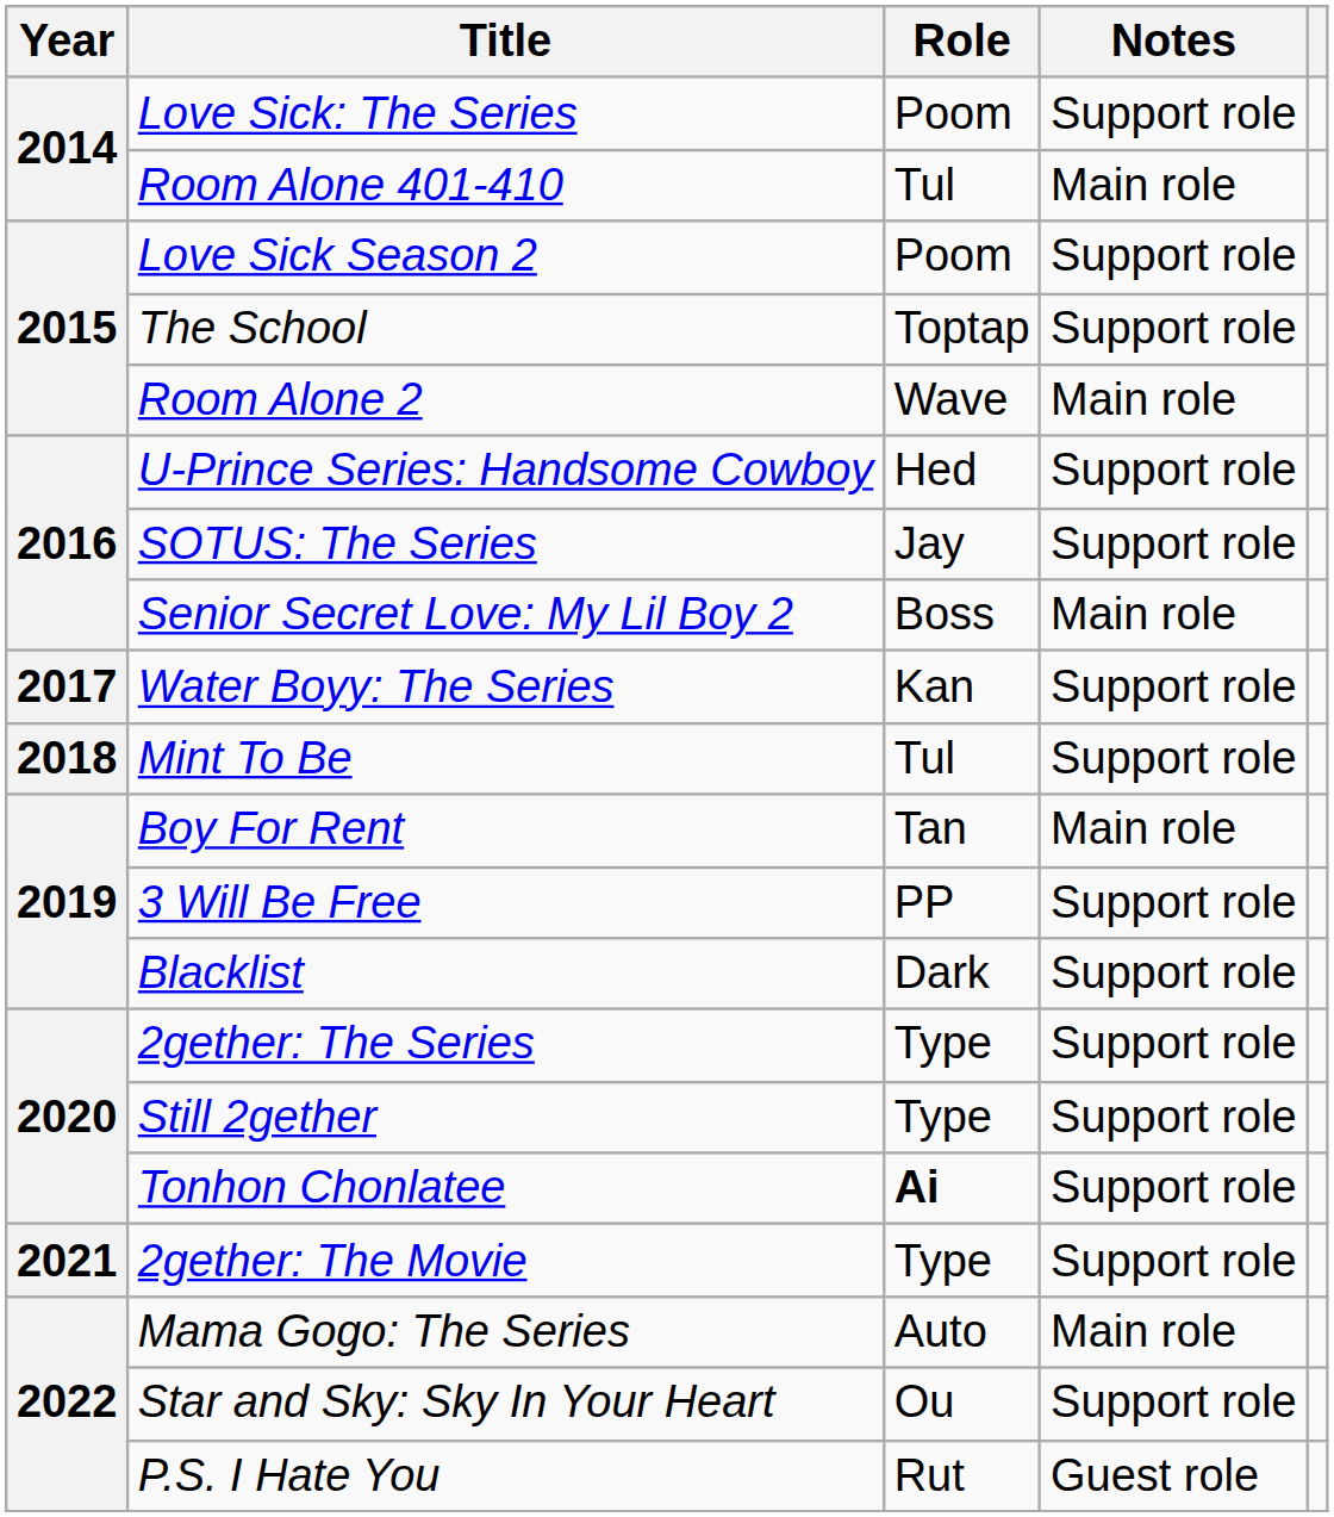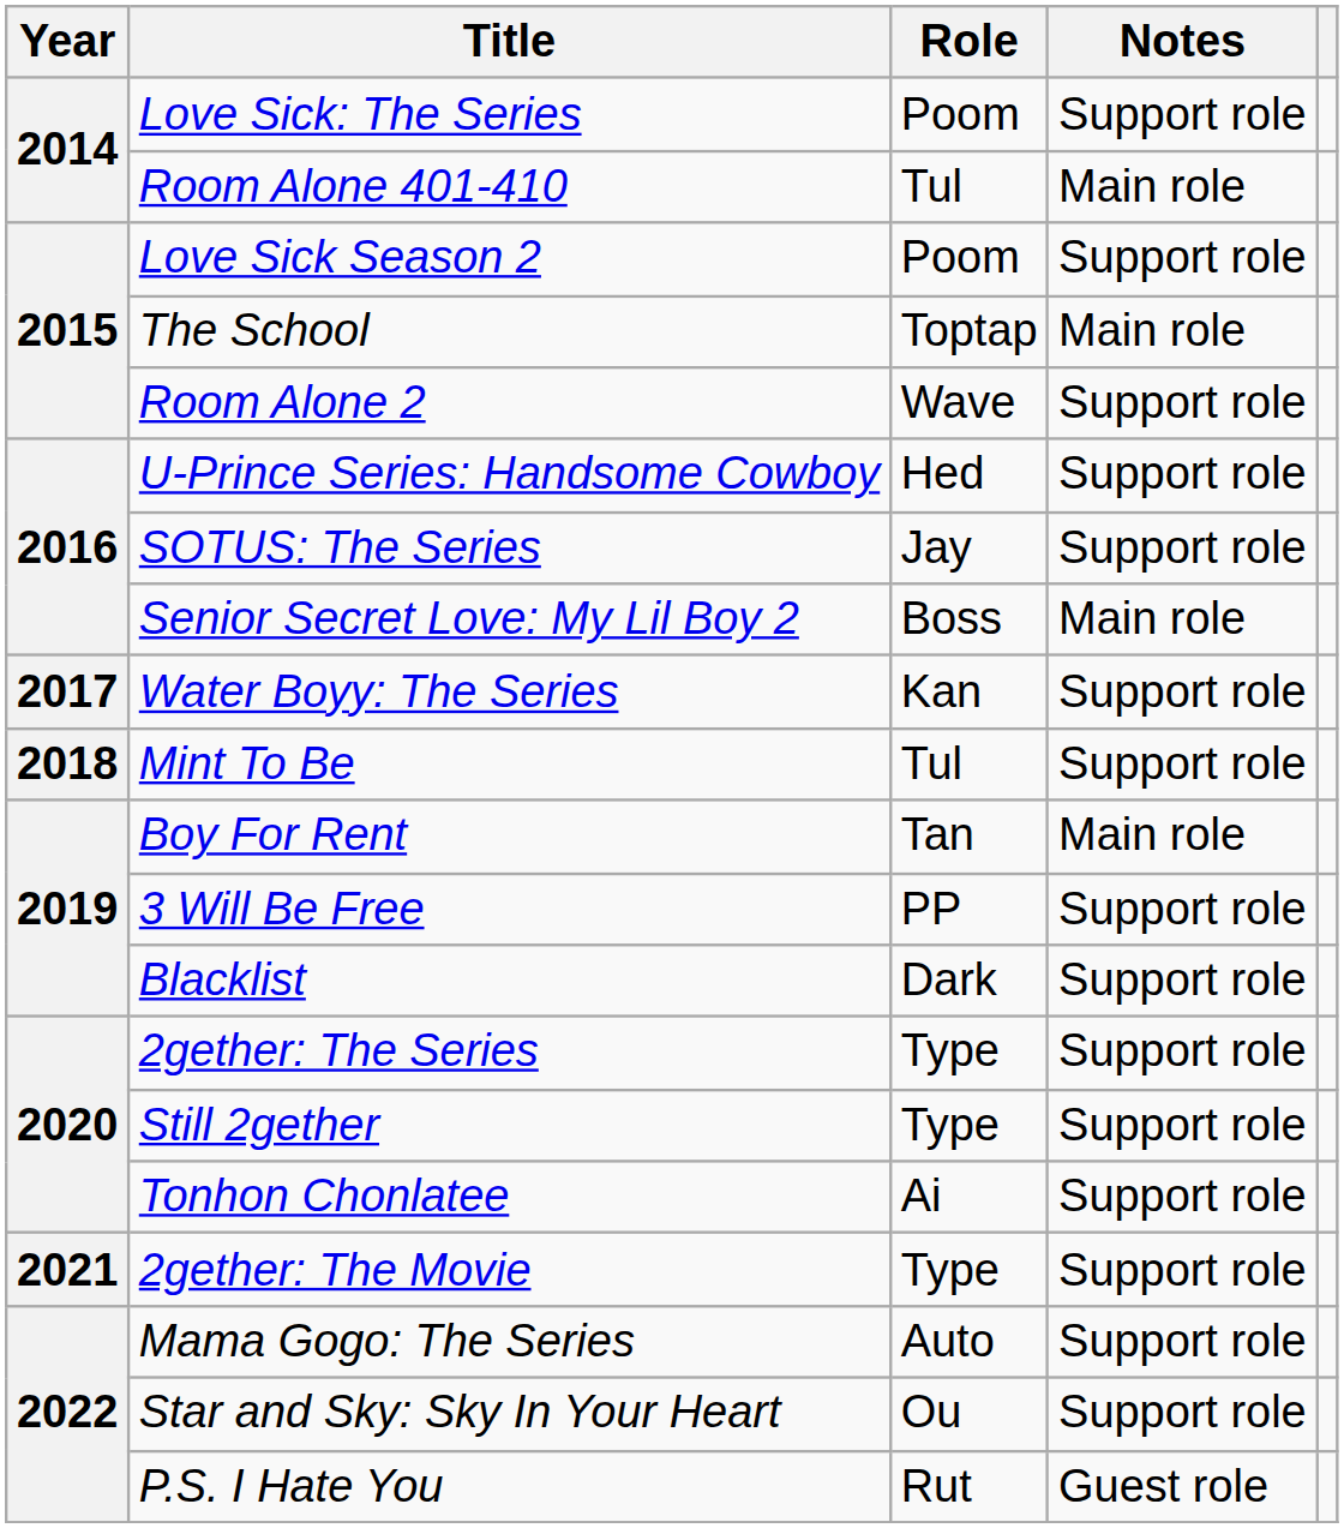 <table class="wikitable sortable plainrowheaders">
 <tr>
 <th scope="col">Year</th>
 <th scope="col">Title</th>
 <th scope="col">Role</th>
 <th scope="col" class="unsortable">Notes</th>
 <th scope="col" class="unsortable"></th>
 </tr>
 <tr>
 <th scope="row" rowspan="2">2014</th>
 <td><em><a href='#'>Love Sick: The Series</a></em></td>
 <td>Poom</td>
 <td>Support role</td>
 <td style="text-align: center;"></td>
 </tr>
 <tr>
 <td><em><a href='#'>Room Alone 401-410</a></em></td>
 <td>Tul</td>
 <td>Main role</td>
 <td style="text-align: center;"></td>
 </tr>
 <tr>
 <th scope="row" rowspan="3">2015</th>
 <td><em><a href='#'>Love Sick Season 2</a></em></td>
 <td>Poom</td>
 <td>Support role</td>
 <td style="text-align: center;"></td>
 </tr>
 <tr>
 <td><em>The School</em></td>
 <td>Toptap</td>
-<td>Support role</td>
+<td>Main role</td>
 <td style="text-align: center;"></td>
 </tr>
 <tr>
 <td><em><a href='#'>Room Alone 2</a></em></td>
 <td>Wave</td>
-<td>Main role</td>
+<td>Support role</td>
 <td style="text-align: center;"></td>
 </tr>
 <tr>
 <th scope="row" rowspan="3">2016</th>
 <td><em><a href='#'>U-Prince Series: Handsome Cowboy</a></em></td>
 <td>Hed</td>
 <td>Support role</td>
 <td style="text-align: center;"></td>
 </tr>
 <tr>
 <td><em><a href='#'>SOTUS: The Series</a></em></td>
 <td>Jay</td>
 <td>Support role</td>
 <td style="text-align: center;"></td>
 </tr>
 <tr>
 <td><em><a href='#'>Senior Secret Love: My Lil Boy 2</a></em></td>
 <td>Boss</td>
 <td>Main role</td>
 <td style="text-align: center;"></td>
 </tr>
 <tr>
 <th scope="row">2017</th>
 <td><em><a href='#'>Water Boyy: The Series</a></em></td>
 <td>Kan</td>
 <td>Support role</td>
 <td style="text-align: center;"></td>
 </tr>
 <tr>
 <th scope="row">2018</th>
 <td><em><a href='#'>Mint To Be</a></em></td>
 <td>Tul</td>
 <td>Support role</td>
 <td style="text-align: center;"></td>
 </tr>
 <tr>
 <th scope="row" rowspan="3">2019</th>
 <td><em><a href='#'>Boy For Rent</a></em></td>
 <td>Tan</td>
 <td>Main role</td>
 <td style="text-align: center;"></td>
 </tr>
 <tr>
 <td><em><a href='#'>3 Will Be Free</a></em></td>
 <td>PP</td>
 <td>Support role</td>
 <td style="text-align: center;"></td>
 </tr>
 <tr>
 <td><em><a href='#'>Blacklist</a></em></td>
 <td>Dark</td>
 <td>Support role</td>
 <td style="text-align: center;"></td>
 </tr>
 <tr>
 <th scope="row" rowspan="3">2020</th>
 <td><em><a href='#'>2gether: The Series</a></em></td>
 <td>Type</td>
 <td>Support role</td>
 <td style="text-align: center;"></td>
 </tr>
 <tr>
 <td><em><a href='#'>Still 2gether</a></em></td>
 <td>Type</td>
 <td>Support role</td>
 <td style="text-align: center;"></td>
 </tr>
 <tr>
 <td><em><a href='#'>Tonhon Chonlatee</a></em></td>
-<td><strong>Ai</strong></td>
+<td>Ai</td>
 <td>Support role</td>
 <td style="text-align: center;"></td>
 </tr>
 <tr>
 <th scope="row">2021</th>
 <td><em><a href='#'>2gether: The Movie</a></em></td>
 <td>Type</td>
 <td>Support role</td>
 <td style="text-align: center;"></td>
 </tr>
 <tr>
 <th scope="row" rowspan="3">2022</th>
 <td><em>Mama Gogo: The Series</em></td>
 <td>Auto</td>
-<td>Main role</td>
+<td>Support role</td>
 <td style="text-align: center;"></td>
 </tr>
 <tr>
 <td><em>Star and Sky: Sky In Your Heart</em></td>
 <td>Ou</td>
 <td>Support role</td>
 <td style="text-alogn: center;"></td>
 </tr>
 <tr>
 <td><em>P.S. I Hate You</em></td>
 <td>Rut</td>
 <td>Guest role</td>
 <td style="text-align: center;"></td>
 </tr>
 <tr>
 </tr>
 </table>
